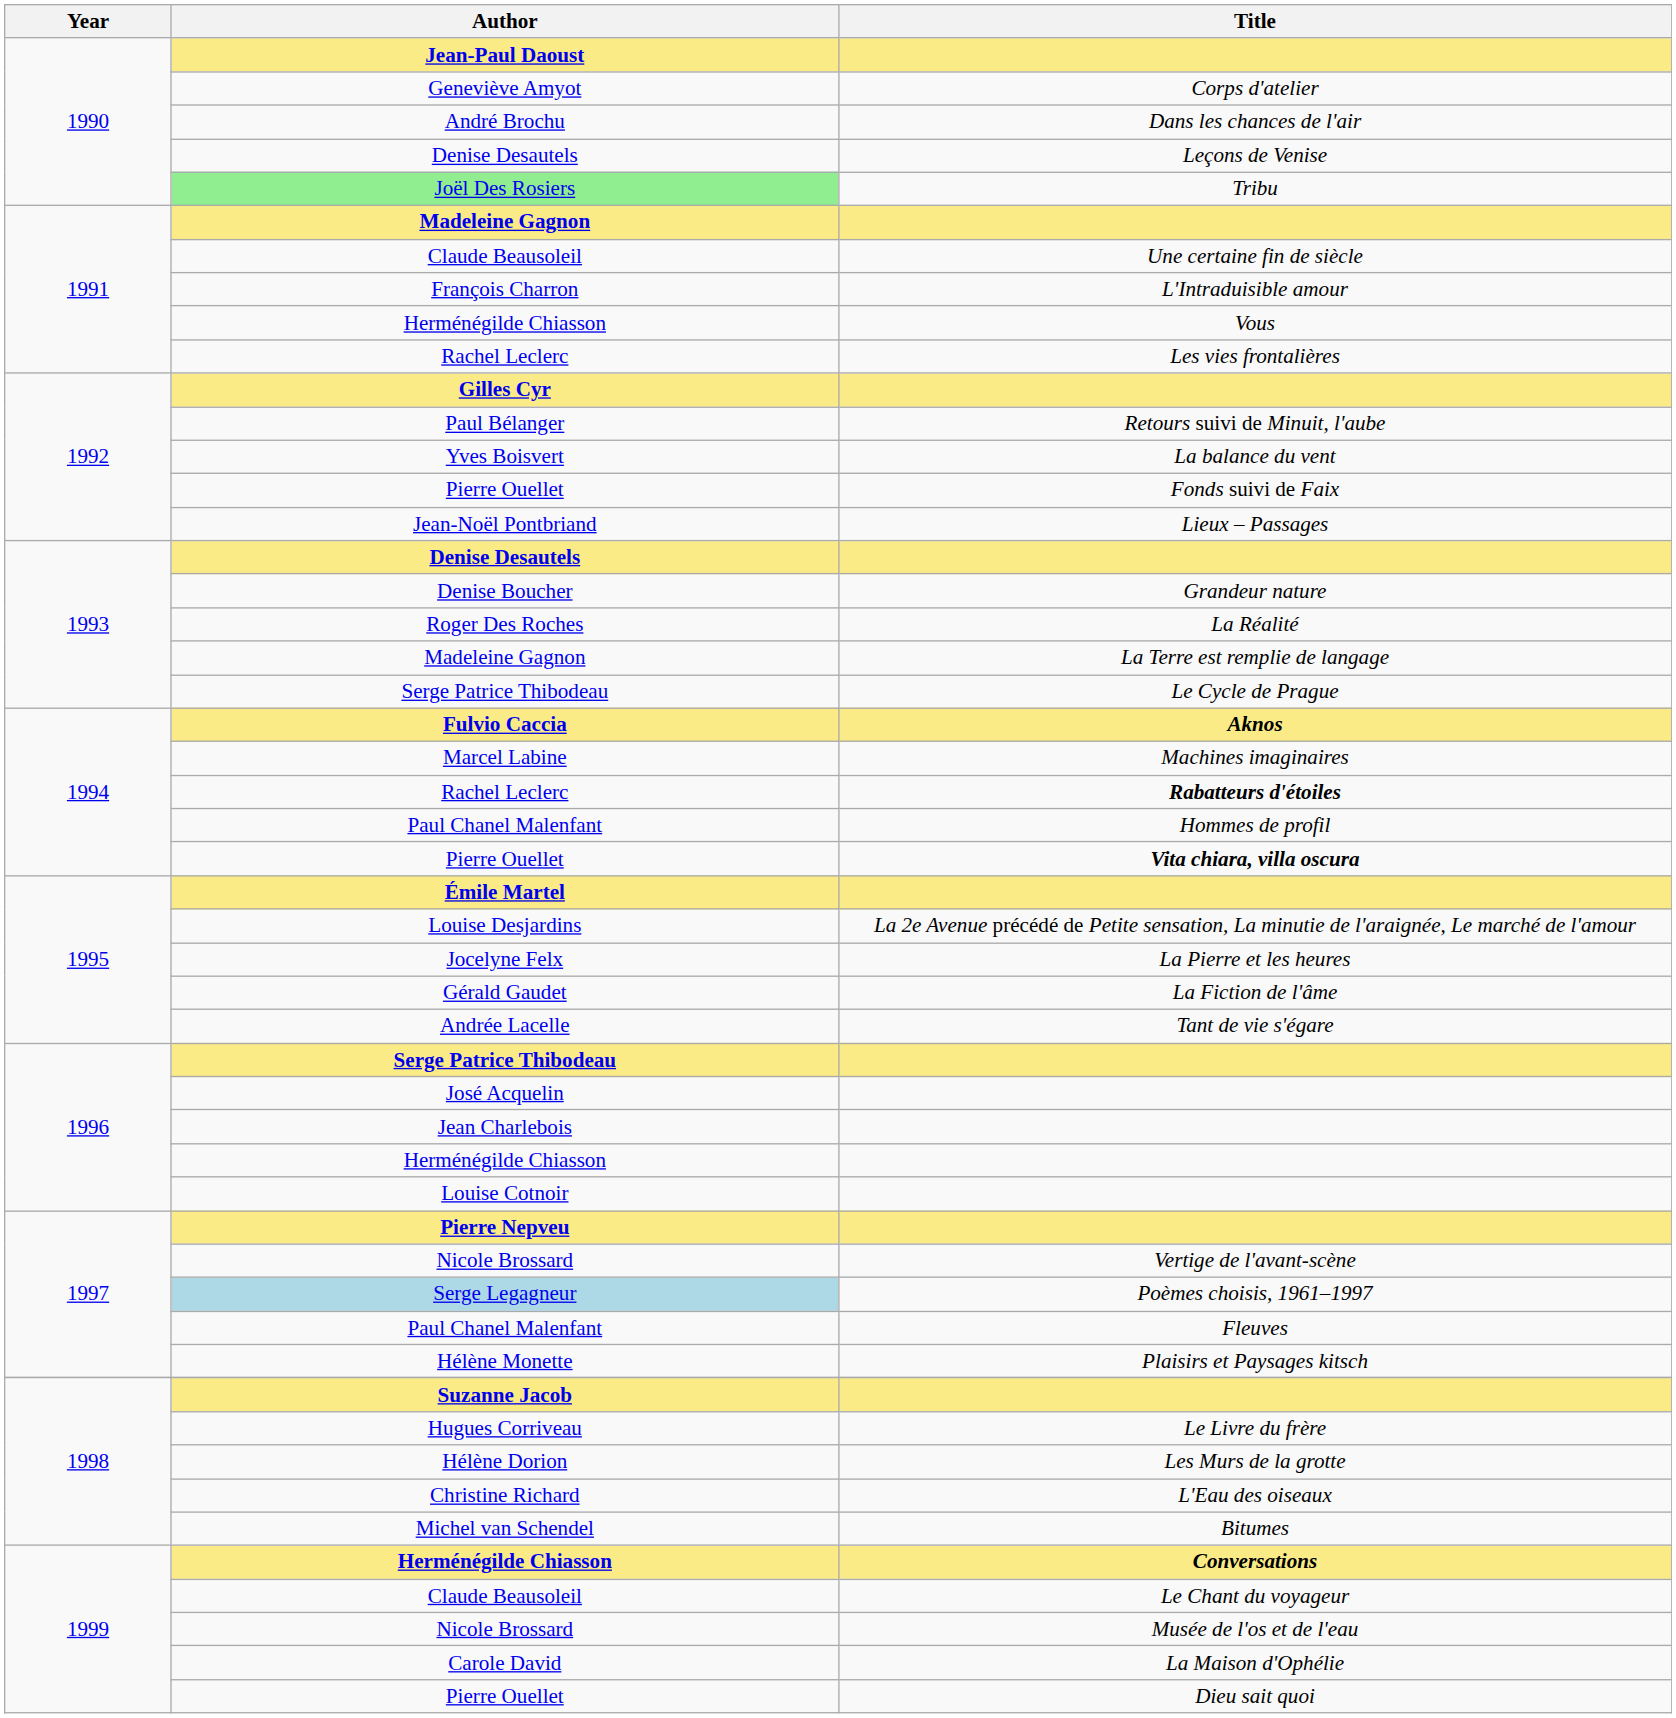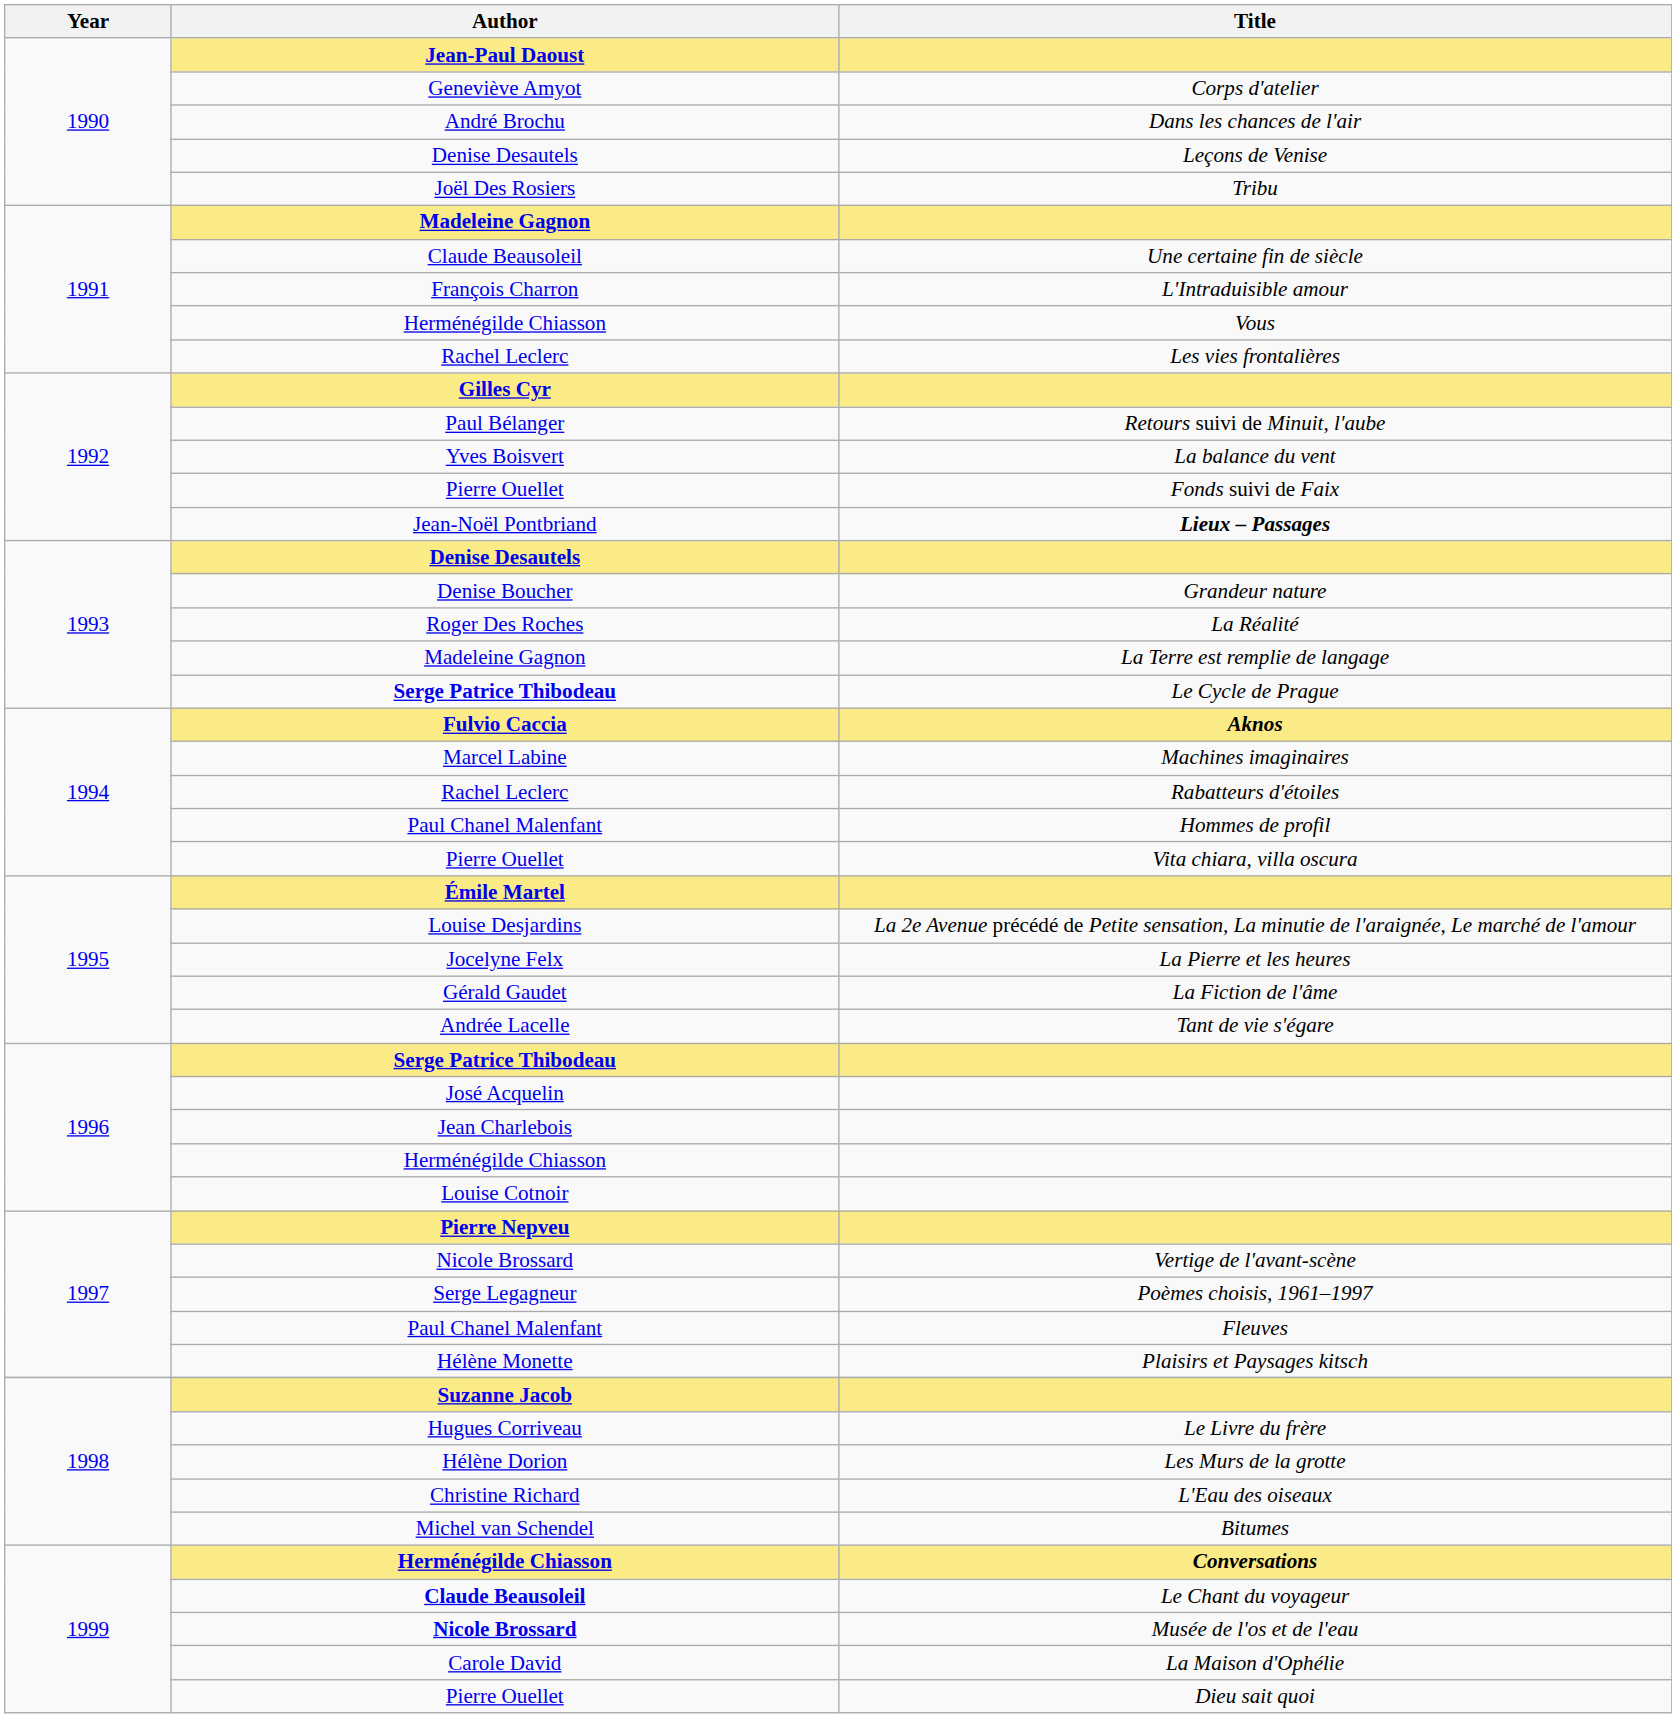 <table class="wikitable" width="100%">
 <tr>
 <th>Year</th>
 <th width="40%">Author</th>
 <th width="50%">Title</th>
 </tr>
 <tr>
 <td align="center" rowspan="5"><a href='#'>1990</a></td>
 <td align="center" style="background:#FAEB86"><strong><a href='#'>Jean-Paul Daoust</a></strong></td>
 <td align="center" style="background:#FAEB86"><strong><em></em></strong></td>
 </tr>
 <tr>
 <td align="center"><a href='#'>Geneviève Amyot</a></td>
 <td align="center"><em>Corps d'atelier</em></td>
 </tr>
 <tr>
 <td align="center"><a href='#'>André Brochu</a></td>
 <td align="center"><em>Dans les chances de l'air</em></td>
 </tr>
 <tr>
 <td align="center"><a href='#'>Denise Desautels</a></td>
 <td align="center"><em>Leçons de Venise</em></td>
 </tr>
 <tr>
-<td align="center" style="background: lightgreen;"><a href='#'>Joël Des Rosiers</a></td>
+<td align="center"><a href='#'>Joël Des Rosiers</a></td>
 <td align="center"><em>Tribu</em></td>
 </tr>
 <tr>
 <td align="center" rowspan="5"><a href='#'>1991</a></td>
 <td align="center" style="background:#FAEB86"><strong><a href='#'>Madeleine Gagnon</a></strong></td>
 <td align="center" style="background:#FAEB86"><strong><em></em></strong></td>
 </tr>
 <tr>
 <td align="center"><a href='#'>Claude Beausoleil</a></td>
 <td align="center"><em>Une certaine fin de siècle</em></td>
 </tr>
 <tr>
 <td align="center"><a href='#'>François Charron</a></td>
 <td align="center"><em>L'Intraduisible amour</em></td>
 </tr>
 <tr>
 <td align="center"><a href='#'>Herménégilde Chiasson</a></td>
 <td align="center"><em>Vous</em></td>
 </tr>
 <tr>
 <td align="center"><a href='#'>Rachel Leclerc</a></td>
 <td align="center"><em>Les vies frontalières</em></td>
 </tr>
 <tr>
 <td align="center" rowspan="5"><a href='#'>1992</a></td>
 <td align="center" style="background:#FAEB86"><strong><a href='#'>Gilles Cyr</a></strong></td>
 <td align="center" style="background:#FAEB86"><strong><em></em></strong></td>
 </tr>
 <tr>
 <td align="center"><a href='#'>Paul Bélanger</a></td>
 <td align="center"><em>Retours</em> suivi de <em>Minuit, l'aube</em></td>
 </tr>
 <tr>
 <td align="center"><a href='#'>Yves Boisvert</a></td>
 <td align="center"><em>La balance du vent</em></td>
 </tr>
 <tr>
 <td align="center"><a href='#'>Pierre Ouellet</a></td>
 <td align="center"><em>Fonds</em> suivi de <em>Faix</em></td>
 </tr>
 <tr>
 <td align="center"><a href='#'>Jean-Noël Pontbriand</a></td>
-<td align="center"><em>Lieux – Passages</em></td>
+<td align="center"><strong><em>Lieux – Passages</em></strong></td>
 </tr>
 <tr>
 <td align="center" rowspan="5"><a href='#'>1993</a></td>
 <td align="center" style="background:#FAEB86"><strong><a href='#'>Denise Desautels</a></strong></td>
 <td align="center" style="background:#FAEB86"><strong><em></em></strong></td>
 </tr>
 <tr>
 <td align="center"><a href='#'>Denise Boucher</a></td>
 <td align="center"><em>Grandeur nature</em></td>
 </tr>
 <tr>
 <td align="center"><a href='#'>Roger Des Roches</a></td>
 <td align="center"><em>La Réalité</em></td>
 </tr>
 <tr>
 <td align="center"><a href='#'>Madeleine Gagnon</a></td>
 <td align="center"><em>La Terre est remplie de langage</em></td>
 </tr>
 <tr>
-<td align="center"><a href='#'>Serge Patrice Thibodeau</a></td>
+<td align="center"><strong><a href='#'>Serge Patrice Thibodeau</a></strong></td>
 <td align="center"><em>Le Cycle de Prague</em></td>
 </tr>
 <tr>
 <td align="center" rowspan="5"><a href='#'>1994</a></td>
 <td align="center" style="background:#FAEB86"><strong><a href='#'>Fulvio Caccia</a></strong></td>
 <td align="center" style="background:#FAEB86"><strong><em>Aknos</em></strong></td>
 </tr>
 <tr>
 <td align="center"><a href='#'>Marcel Labine</a></td>
 <td align="center"><em>Machines imaginaires</em></td>
 </tr>
 <tr>
 <td align="center"><a href='#'>Rachel Leclerc</a></td>
-<td align="center"><strong><em>Rabatteurs d'étoiles</em></strong></td>
+<td align="center"><em>Rabatteurs d'étoiles</em></td>
 </tr>
 <tr>
 <td align="center"><a href='#'>Paul Chanel Malenfant</a></td>
 <td align="center"><em>Hommes de profil</em></td>
 </tr>
 <tr>
 <td align="center"><a href='#'>Pierre Ouellet</a></td>
-<td align="center"><strong><em>Vita chiara, villa oscura</em></strong></td>
+<td align="center"><em>Vita chiara, villa oscura</em></td>
 </tr>
 <tr>
 <td align="center" rowspan="5"><a href='#'>1995</a></td>
 <td align="center" style="background:#FAEB86"><strong><a href='#'>Émile Martel</a></strong></td>
 <td align="center" style="background:#FAEB86"><strong><em></em></strong></td>
 </tr>
 <tr>
 <td align="center"><a href='#'>Louise Desjardins</a></td>
 <td align="center"><em>La 2e Avenue</em> précédé de <em>Petite sensation, La minutie de l'araignée, Le marché de l'amour</em></td>
 </tr>
 <tr>
 <td align="center"><a href='#'>Jocelyne Felx</a></td>
 <td align="center"><em>La Pierre et les heures</em></td>
 </tr>
 <tr>
 <td align="center"><a href='#'>Gérald Gaudet</a></td>
 <td align="center"><em>La Fiction de l'âme</em></td>
 </tr>
 <tr>
 <td align="center"><a href='#'>Andrée Lacelle</a></td>
 <td align="center"><em>Tant de vie s'égare</em></td>
 </tr>
 <tr>
 <td align="center" rowspan="5"><a href='#'>1996</a></td>
 <td align="center" style="background:#FAEB86"><strong><a href='#'>Serge Patrice Thibodeau</a></strong></td>
 <td align="center" style="background:#FAEB86"><strong><em></em></strong></td>
 </tr>
 <tr>
 <td align="center"><a href='#'>José Acquelin</a></td>
 <td align="center"><em></em></td>
 </tr>
 <tr>
 <td align="center"><a href='#'>Jean Charlebois</a></td>
 <td align="center"><em></em></td>
 </tr>
 <tr>
 <td align="center"><a href='#'>Herménégilde Chiasson</a></td>
 <td align="center"><em></em></td>
 </tr>
 <tr>
 <td align="center"><a href='#'>Louise Cotnoir</a></td>
 <td align="center"><em></em></td>
 </tr>
 <tr>
 <td align="center" rowspan="5"><a href='#'>1997</a></td>
 <td align="center" style="background:#FAEB86"><strong><a href='#'>Pierre Nepveu</a></strong></td>
 <td align="center" style="background:#FAEB86"><strong><em></em></strong></td>
 </tr>
 <tr>
 <td align="center"><a href='#'>Nicole Brossard</a></td>
 <td align="center"><em>Vertige de l'avant-scène</em></td>
 </tr>
 <tr>
-<td align="center" style="background: lightblue;"><a href='#'>Serge Legagneur</a></td>
+<td align="center"><a href='#'>Serge Legagneur</a></td>
 <td align="center"><em>Poèmes choisis, 1961–1997</em></td>
 </tr>
 <tr>
 <td align="center"><a href='#'>Paul Chanel Malenfant</a></td>
 <td align="center"><em>Fleuves</em></td>
 </tr>
 <tr>
 <td align="center"><a href='#'>Hélène Monette</a></td>
 <td align="center"><em>Plaisirs et Paysages kitsch</em></td>
 </tr>
 <tr>
 </tr>
 <tr>
 <td align="center" rowspan="5"><a href='#'>1998</a></td>
 <td align="center" style="background:#FAEB86"><strong><a href='#'>Suzanne Jacob</a></strong></td>
 <td align="center" style="background:#FAEB86"><strong><em></em></strong></td>
 </tr>
 <tr>
 <td align="center"><a href='#'>Hugues Corriveau</a></td>
 <td align="center"><em>Le Livre du frère</em></td>
 </tr>
 <tr>
 <td align="center"><a href='#'>Hélène Dorion</a></td>
 <td align="center"><em>Les Murs de la grotte</em></td>
 </tr>
 <tr>
 <td align="center"><a href='#'>Christine Richard</a></td>
 <td align="center"><em>L'Eau des oiseaux</em></td>
 </tr>
 <tr>
 <td align="center"><a href='#'>Michel van Schendel</a></td>
 <td align="center"><em>Bitumes</em></td>
 </tr>
 <tr>
 <td align="center" rowspan="5"><a href='#'>1999</a></td>
 <td align="center" style="background:#FAEB86"><strong><a href='#'>Herménégilde Chiasson</a></strong></td>
 <td align="center" style="background:#FAEB86"><strong><em>Conversations</em></strong></td>
 </tr>
 <tr>
-<td align="center"><a href='#'>Claude Beausoleil</a></td>
+<td align="center"><strong><a href='#'>Claude Beausoleil</a></strong></td>
 <td align="center"><em>Le Chant du voyageur</em></td>
 </tr>
 <tr>
-<td align="center"><a href='#'>Nicole Brossard</a></td>
+<td align="center"><strong><a href='#'>Nicole Brossard</a></strong></td>
 <td align="center"><em>Musée de l'os et de l'eau</em></td>
 </tr>
 <tr>
 <td align="center"><a href='#'>Carole David</a></td>
 <td align="center"><em>La Maison d'Ophélie</em></td>
 </tr>
 <tr>
 <td align="center"><a href='#'>Pierre Ouellet</a></td>
 <td align="center"><em>Dieu sait quoi</em></td>
 </tr>
 </table>
